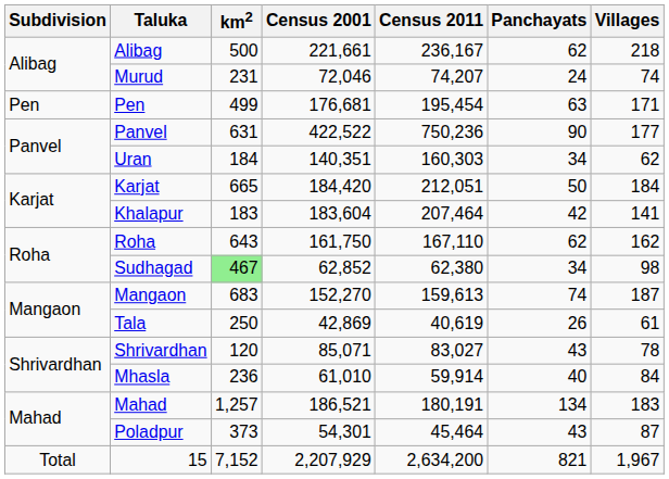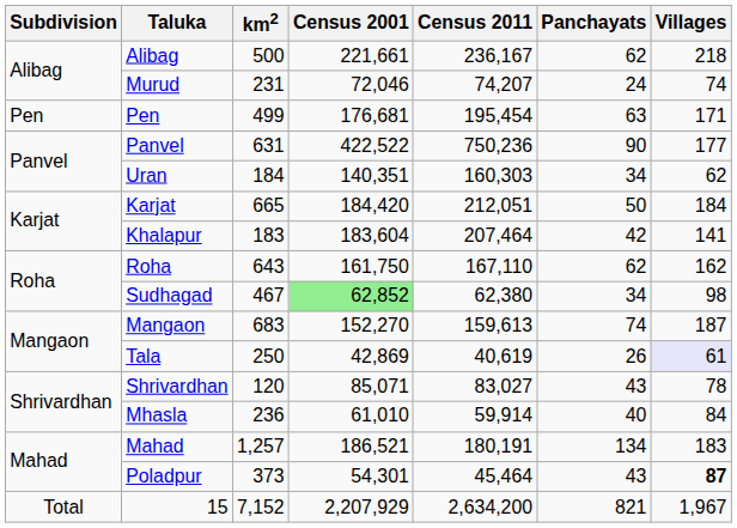 <table class="wikitable">
 <tr>
 <th>Subdivision</th>
 <th>Taluka</th>
 <th>km<sup>2</sup></th>
 <th>Census 2001</th>
 <th>Census 2011</th>
 <th>Panchayats</th>
 <th>Villages</th>
 </tr>
 <tr>
 <td rowspan="2">Alibag</td>
 <td><a href='#'>Alibag</a></td>
 <td align="right">500</td>
 <td align="right">221,661</td>
 <td align="right">236,167</td>
 <td align="right">62</td>
 <td align="right">218</td>
 </tr>
 <tr>
 <td><a href='#'>Murud</a></td>
 <td align="right">231</td>
 <td align="right">72,046</td>
 <td align="right">74,207</td>
 <td align="right">24</td>
 <td align="right">74</td>
 </tr>
 <tr>
 <td rowspan="1">Pen</td>
 <td><a href='#'>Pen</a></td>
 <td align="right">499</td>
 <td align="right">176,681</td>
 <td align="right">195,454</td>
 <td align="right">63</td>
 <td align="right">171</td>
 </tr>
 <tr>
 <td rowspan="2">Panvel</td>
 <td><a href='#'>Panvel</a></td>
 <td align="right">631</td>
 <td align="right">422,522</td>
 <td align="right">750,236</td>
 <td align="right">90</td>
 <td align="right">177</td>
 </tr>
 <tr>
 <td><a href='#'>Uran</a></td>
 <td align="right">184</td>
 <td align="right">140,351</td>
 <td align="right">160,303</td>
 <td align="right">34</td>
 <td align="right">62</td>
 </tr>
 <tr>
 <td rowspan="2">Karjat</td>
 <td><a href='#'>Karjat</a></td>
 <td align="right">665</td>
 <td align="right">184,420</td>
 <td align="right">212,051</td>
 <td align="right">50</td>
 <td align="right">184</td>
 </tr>
 <tr>
 <td><a href='#'>Khalapur</a></td>
 <td align="right">183</td>
 <td align="right">183,604</td>
 <td align="right">207,464</td>
 <td align="right">42</td>
 <td align="right">141</td>
 </tr>
 <tr>
 <td rowspan="2">Roha</td>
 <td><a href='#'>Roha</a></td>
 <td align="right">643</td>
 <td align="right">161,750</td>
 <td align="right">167,110</td>
 <td align="right">62</td>
 <td align="right">162</td>
 </tr>
 <tr>
 <td><a href='#'>Sudhagad</a></td>
-<td align="right" style="background: lightgreen;">467</td>
-<td align="right">62,852</td>
+<td align="right">467</td>
+<td align="right" style="background: lightgreen;">62,852</td>
 <td align="right">62,380</td>
 <td align="right">34</td>
 <td align="right">98</td>
 </tr>
 <tr>
 <td rowspan="2">Mangaon</td>
 <td><a href='#'>Mangaon</a></td>
 <td align="right">683</td>
 <td align="right">152,270</td>
 <td align="right">159,613</td>
 <td align="right">74</td>
 <td align="right">187</td>
 </tr>
 <tr>
 <td><a href='#'>Tala</a></td>
 <td align="right">250</td>
 <td align="right">42,869</td>
 <td align="right">40,619</td>
 <td align="right">26</td>
-<td align="right">61</td>
+<td align="right" style="background: lavender;">61</td>
 </tr>
 <tr>
 <td rowspan="2">Shrivardhan</td>
 <td><a href='#'>Shrivardhan</a></td>
 <td align="right">120</td>
 <td align="right">85,071</td>
 <td align="right">83,027</td>
 <td align="right">43</td>
 <td align="right">78</td>
 </tr>
 <tr>
 <td><a href='#'>Mhasla</a></td>
 <td align="right">236</td>
 <td align="right">61,010</td>
 <td align="right">59,914</td>
 <td align="right">40</td>
 <td align="right">84</td>
 </tr>
 <tr>
 <td rowspan="2">Mahad</td>
 <td><a href='#'>Mahad</a></td>
 <td align="right">1,257</td>
 <td align="right">186,521</td>
 <td align="right">180,191</td>
 <td align="right">134</td>
 <td align="right">183</td>
 </tr>
 <tr>
 <td><a href='#'>Poladpur</a></td>
 <td align="right">373</td>
 <td align="right">54,301</td>
 <td align="right">45,464</td>
 <td align="right">43</td>
-<td align="right">87</td>
+<td align="right"><strong>87</strong></td>
 </tr>
 <tr>
 <td align="center">Total</td>
 <td align="right">15</td>
 <td align="right">7,152</td>
 <td align="right">2,207,929</td>
 <td align="right">2,634,200</td>
 <td align="right">821</td>
 <td align="right">1,967</td>
 </tr>
 </table>
